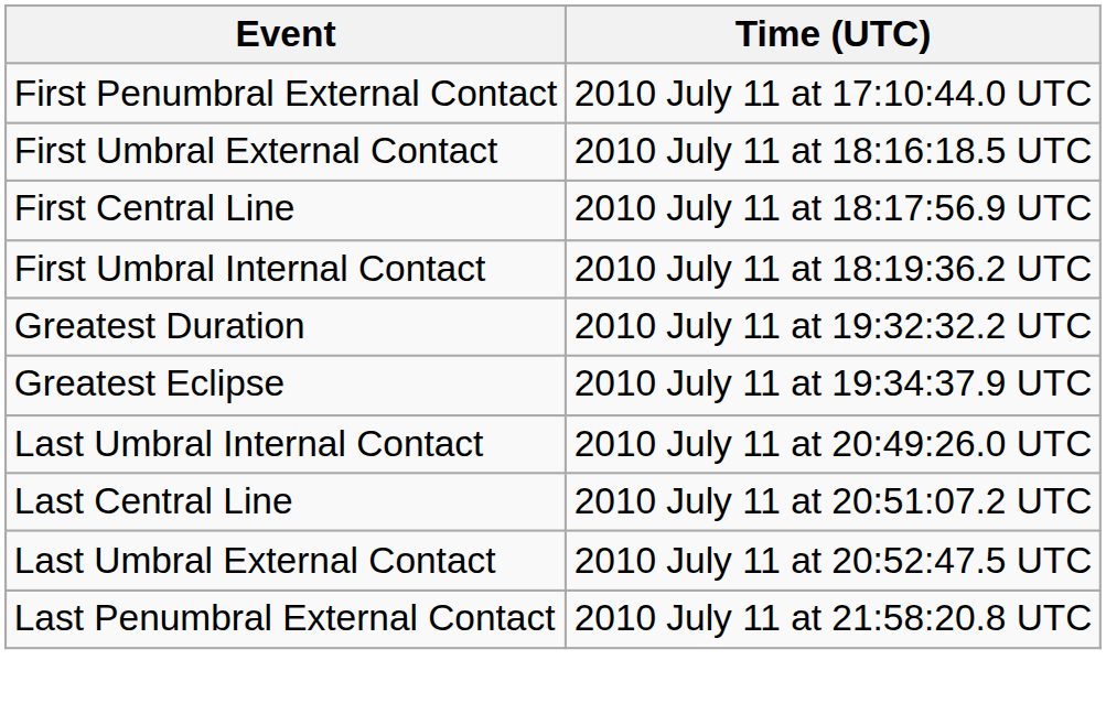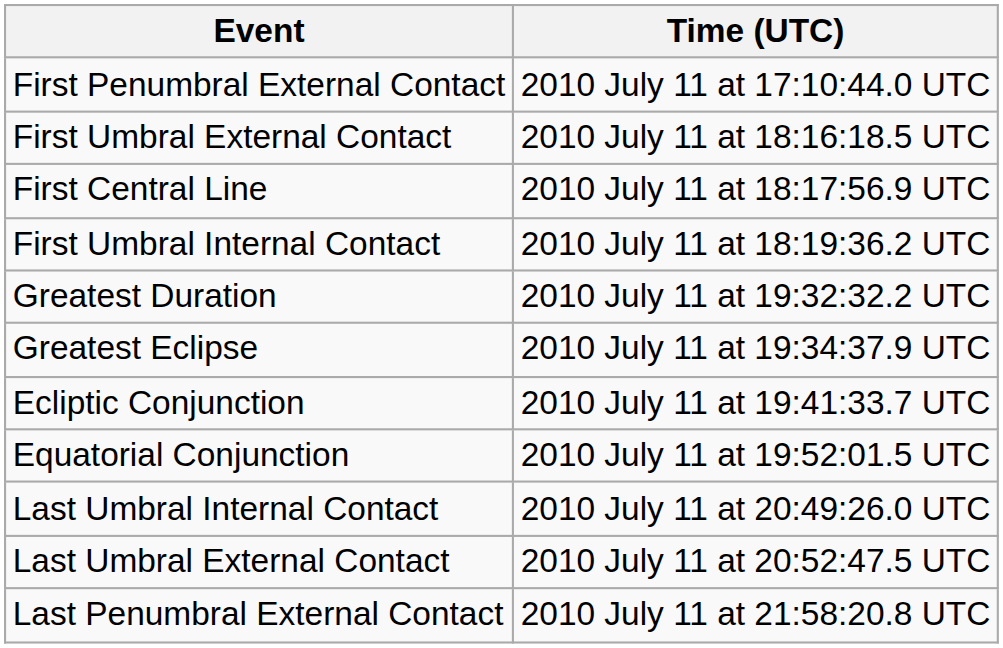 <table class="wikitable">
 <tr>
 <th>Event</th>
 <th>Time (UTC)</th>
 </tr>
 <tr>
 <td>First Penumbral External Contact</td>
 <td>2010 July 11 at 17:10:44.0 UTC</td>
 </tr>
 <tr>
 <td>First Umbral External Contact</td>
 <td>2010 July 11 at 18:16:18.5 UTC</td>
 </tr>
 <tr>
 <td>First Central Line</td>
 <td>2010 July 11 at 18:17:56.9 UTC</td>
 </tr>
 <tr>
 <td>First Umbral Internal Contact</td>
 <td>2010 July 11 at 18:19:36.2 UTC</td>
 </tr>
 <tr>
 <td>Greatest Duration</td>
 <td>2010 July 11 at 19:32:32.2 UTC</td>
 </tr>
 <tr>
 <td>Greatest Eclipse</td>
 <td>2010 July 11 at 19:34:37.9 UTC</td>
 </tr>
 <tr>
+<td>Ecliptic Conjunction</td>
+<td>2010 July 11 at 19:41:33.7 UTC</td>
+</tr>
+<tr>
+<td>Equatorial Conjunction</td>
+<td>2010 July 11 at 19:52:01.5 UTC</td>
+</tr>
+<tr>
 <td>Last Umbral Internal Contact</td>
 <td>2010 July 11 at 20:49:26.0 UTC</td>
-</tr>
-<tr>
-<td>Last Central Line</td>
-<td>2010 July 11 at 20:51:07.2 UTC</td>
 </tr>
 <tr>
 <td>Last Umbral External Contact</td>
 <td>2010 July 11 at 20:52:47.5 UTC</td>
 </tr>
 <tr>
 <td>Last Penumbral External Contact</td>
 <td>2010 July 11 at 21:58:20.8 UTC</td>
 </tr>
 </table>
